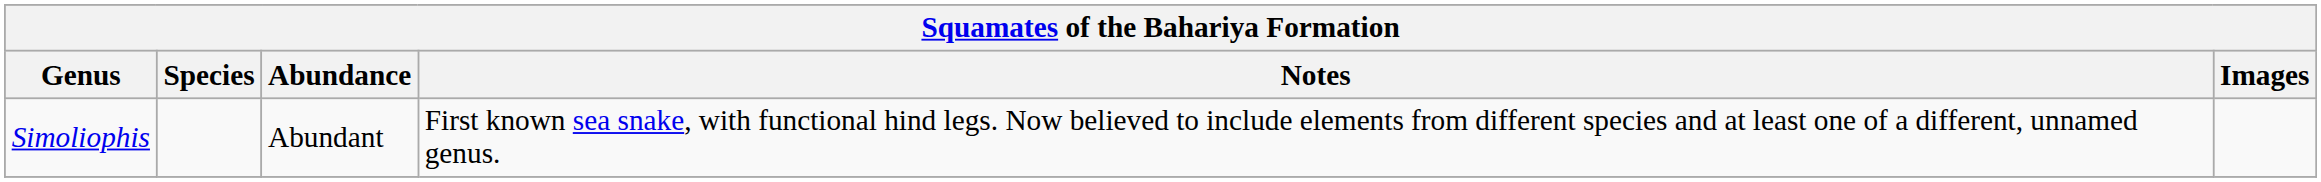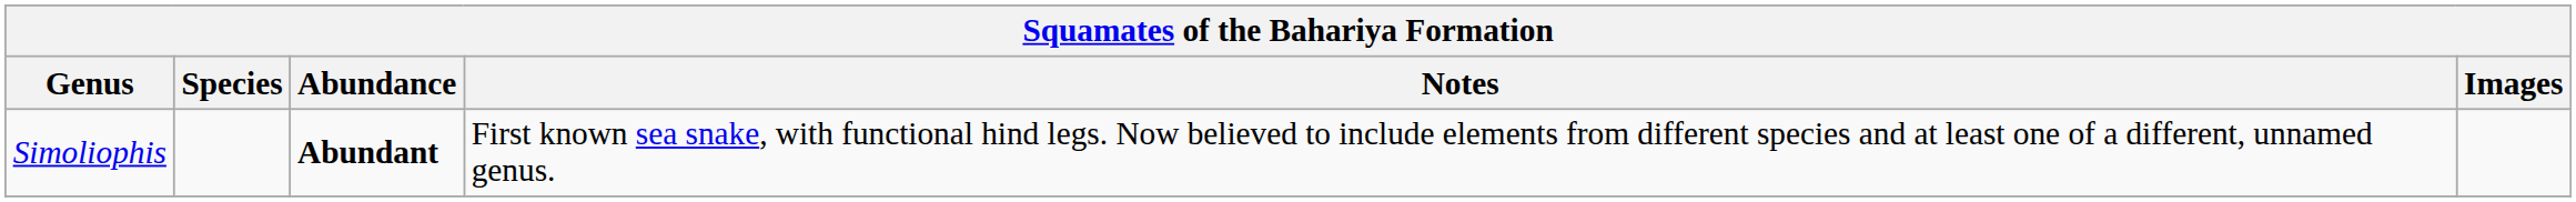 <table class="wikitable" align="center" width="100%">
 <tr>
 <th colspan="5" align="center"><strong><a href='#'>Squamates</a> of the Bahariya Formation</strong></th>
 </tr>
 <tr>
 <th>Genus</th>
 <th>Species</th>
 <th>Abundance</th>
 <th>Notes</th>
 <th>Images</th>
 </tr>
 <tr>
 <td><em><a href='#'>Simoliophis</a></em></td>
 <td></td>
-<td>Abundant</td>
+<td><strong>Abundant</strong></td>
 <td>First known <a href='#'>sea snake</a>, with functional hind legs. Now believed to include elements from different species and at least one of a different, unnamed genus.</td>
 <td></td>
 </tr>
 </table>
